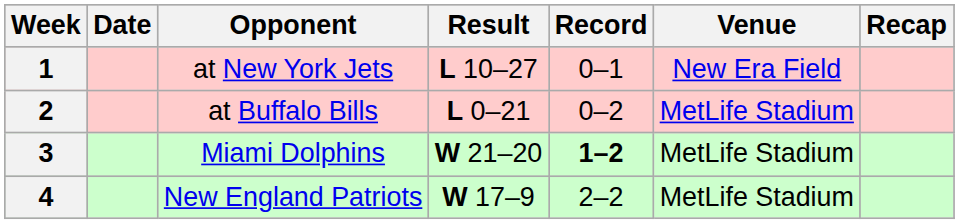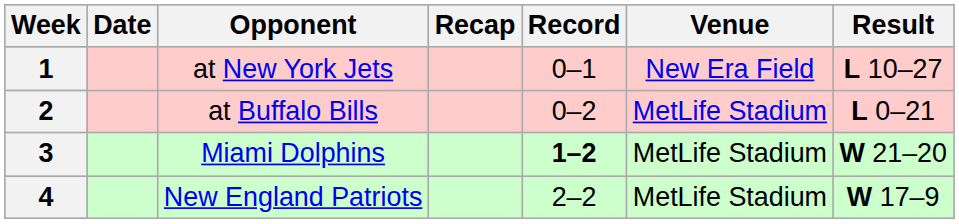 <table class="wikitable" style="text-align:center">
 <tr>
 <th>Week</th>
 <th>Date</th>
 <th>Opponent</th>
-<th>Result</th>
+<th>Recap</th>
 <th>Record</th>
 <th>Venue</th>
-<th>Recap</th>
+<th>Result</th>
 </tr>
 <tr style="background:#fcc">
 <th>1</th>
 <td></td>
 <td>at <a href='#'>New York Jets</a></td>
-<td><strong>L</strong> 10–27</td>
+<td></td>
 <td>0–1</td>
 <td><a href='#'>New Era Field</a></td>
-<td></td>
+<td><strong>L</strong> 10–27</td>
 </tr>
 <tr style="background:#fcc">
 <th>2</th>
 <td></td>
 <td>at <a href='#'>Buffalo Bills</a></td>
-<td><strong>L</strong> 0–21</td>
+<td></td>
 <td>0–2</td>
 <td><a href='#'>MetLife Stadium</a></td>
-<td></td>
+<td><strong>L</strong> 0–21</td>
 </tr>
 <tr style="background:#cfc">
 <th>3</th>
 <td></td>
 <td><a href='#'>Miami Dolphins</a></td>
-<td><strong>W</strong> 21–20</td>
+<td></td>
 <td><strong>1–2</strong></td>
 <td>MetLife Stadium</td>
-<td></td>
+<td><strong>W</strong> 21–20</td>
 </tr>
 <tr style="background:#cfc">
 <th>4</th>
 <td></td>
 <td><a href='#'>New England Patriots</a></td>
-<td><strong>W</strong> 17–9</td>
+<td></td>
 <td>2–2</td>
 <td>MetLife Stadium</td>
-<td></td>
+<td><strong>W</strong> 17–9</td>
 </tr>
 </table>
